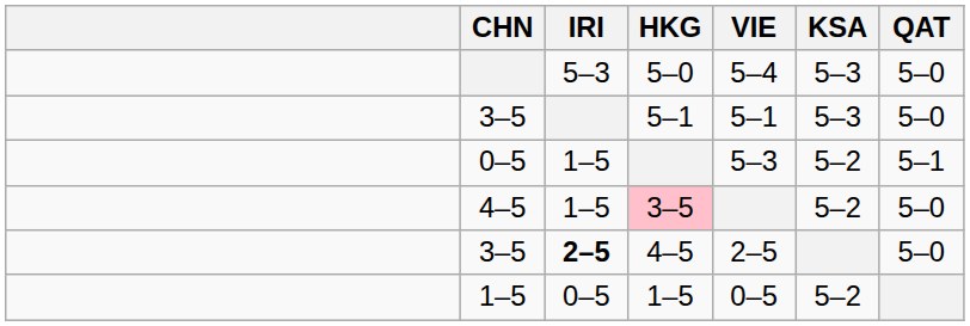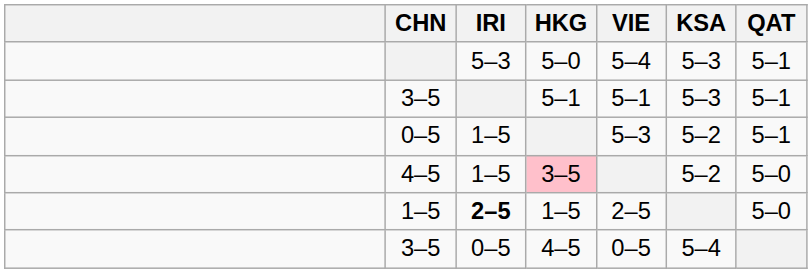 <table class="wikitable" style="text-align:center">
 <tr>
 <th width="250"> </th>
 <th width="40">CHN</th>
 <th width="40">IRI</th>
 <th width="40">HKG</th>
 <th width="40">VIE</th>
 <th width="40">KSA</th>
 <th width="40">QAT</th>
 </tr>
 <tr>
 <td align=left></td>
 <th></th>
 <td>5–3</td>
 <td>5–0</td>
 <td>5–4</td>
 <td>5–3</td>
-<td>5–0</td>
+<td>5–1</td>
 </tr>
 <tr>
 <td align=left></td>
 <td>3–5</td>
 <th></th>
 <td>5–1</td>
 <td>5–1</td>
 <td>5–3</td>
-<td>5–0</td>
+<td>5–1</td>
 </tr>
 <tr>
 <td align=left></td>
 <td>0–5</td>
 <td>1–5</td>
 <th></th>
 <td>5–3</td>
 <td>5–2</td>
 <td>5–1</td>
 </tr>
 <tr>
 <td align=left></td>
 <td>4–5</td>
 <td>1–5</td>
 <td style="background: pink;">3–5</td>
 <th></th>
 <td>5–2</td>
 <td>5–0</td>
 </tr>
 <tr>
 <td align=left></td>
-<td>3–5</td>
+<td>1–5</td>
 <td><strong>2–5</strong></td>
-<td>4–5</td>
+<td>1–5</td>
 <td>2–5</td>
 <th></th>
 <td>5–0</td>
 </tr>
 <tr>
 <td align=left></td>
-<td>1–5</td>
+<td>3–5</td>
 <td>0–5</td>
-<td>1–5</td>
+<td>4–5</td>
 <td>0–5</td>
-<td>5–2</td>
+<td>5–4</td>
 <th></th>
 </tr>
 </table>
